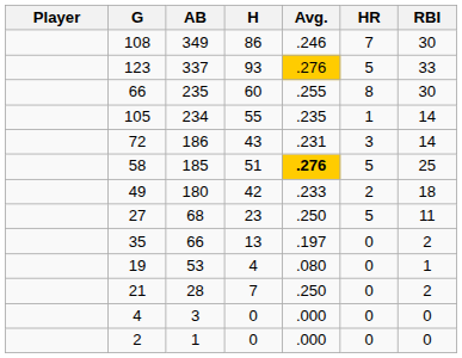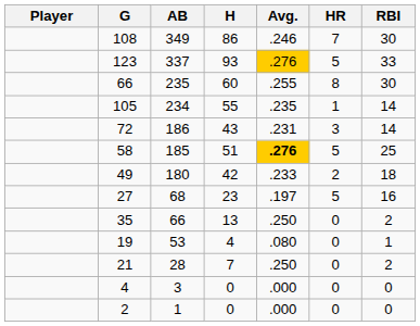 <table class="wikitable sortable">
 <tr>
 <th bgcolor="#DDDDFF" width="16%">Player</th>
 <th bgcolor="#DDDDFF" width="9%">G</th>
 <th bgcolor="#DDDDFF" width="9%">AB</th>
 <th bgcolor="#DDDDFF" width="9%">H</th>
 <th bgcolor="#DDDDFF" width="9%">Avg.</th>
 <th bgcolor="#DDDDFF" width="9%">HR</th>
 <th bgcolor="#DDDDFF" width="9%">RBI</th>
 </tr>
 <tr align="center">
 <td></td>
 <td>108</td>
 <td>349</td>
 <td>86</td>
 <td>.246</td>
 <td>7</td>
 <td>30</td>
 </tr>
 <tr align=center>
 <td></td>
 <td>123</td>
 <td>337</td>
 <td>93</td>
 <td style="background:#fc0;">.276</td>
 <td>5</td>
 <td>33</td>
 </tr>
 <tr align=center>
 <td></td>
 <td>66</td>
 <td>235</td>
 <td>60</td>
 <td>.255</td>
 <td>8</td>
 <td>30</td>
 </tr>
 <tr align=center>
 <td></td>
 <td>105</td>
 <td>234</td>
 <td>55</td>
 <td>.235</td>
 <td>1</td>
 <td>14</td>
 </tr>
 <tr align=center>
 <td></td>
 <td>72</td>
 <td>186</td>
 <td>43</td>
 <td>.231</td>
 <td>3</td>
 <td>14</td>
 </tr>
 <tr align=center>
 <td></td>
 <td>58</td>
 <td>185</td>
 <td>51</td>
 <td style="background:#fc0;"><strong>.276</strong></td>
 <td>5</td>
 <td>25</td>
 </tr>
 <tr align=center>
 <td></td>
 <td>49</td>
 <td>180</td>
 <td>42</td>
 <td>.233</td>
 <td>2</td>
 <td>18</td>
 </tr>
 <tr align="center">
 <td></td>
 <td>27</td>
 <td>68</td>
 <td>23</td>
-<td>.250</td>
+<td>.197</td>
 <td>5</td>
-<td>11</td>
+<td>16</td>
 </tr>
 <tr align="center">
 <td></td>
 <td>35</td>
 <td>66</td>
 <td>13</td>
-<td>.197</td>
+<td>.250</td>
 <td>0</td>
 <td>2</td>
 </tr>
 <tr align="center">
 <td></td>
 <td>19</td>
 <td>53</td>
 <td>4</td>
 <td>.080</td>
 <td>0</td>
 <td>1</td>
 </tr>
 <tr align="center">
 <td></td>
 <td>21</td>
 <td>28</td>
 <td>7</td>
 <td>.250</td>
 <td>0</td>
 <td>2</td>
 </tr>
 <tr align="center">
 <td></td>
 <td>4</td>
 <td>3</td>
 <td>0</td>
 <td>.000</td>
 <td>0</td>
 <td>0</td>
 </tr>
 <tr align=center>
 <td></td>
 <td>2</td>
 <td>1</td>
 <td>0</td>
 <td>.000</td>
 <td>0</td>
 <td>0</td>
 </tr>
 </table>
